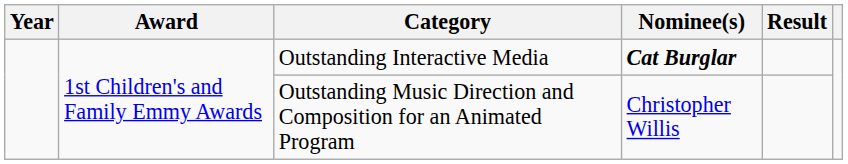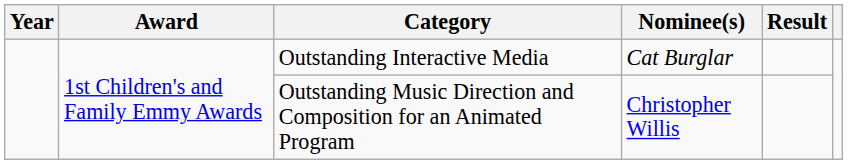 <table class="wikitable sortable">
 <tr>
 <th>Year</th>
 <th>Award</th>
 <th>Category</th>
 <th>Nominee(s)</th>
 <th>Result</th>
 <th></th>
 </tr>
 <tr>
 <td rowspan="2"></td>
 <td rowspan="2"><a href='#'>1st Children's and Family Emmy Awards</a></td>
 <td>Outstanding Interactive Media</td>
-<td><strong><em>Cat Burglar</em></strong></td>
+<td><em>Cat Burglar</em></td>
 <td></td>
 <td rowspan="2" align="center"></td>
 </tr>
 <tr>
 <td>Outstanding Music Direction and Composition for an Animated Program</td>
 <td><a href='#'>Christopher Willis</a></td>
 <td></td>
 </tr>
 </table>
